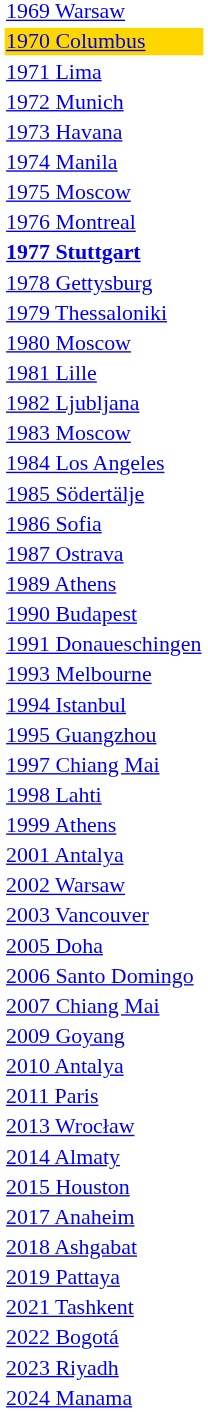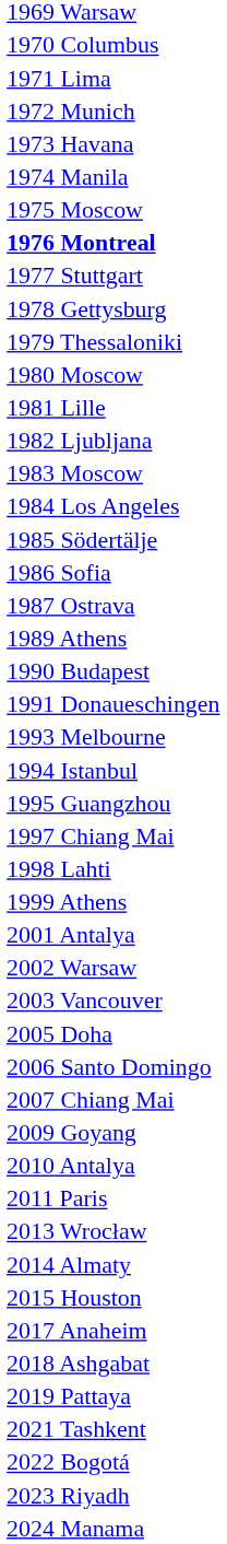 <table>
 <tr>
 <td><a href='#'>1969 Warsaw</a></td>
 <td></td>
 <td></td>
 <td></td>
 </tr>
 <tr>
-<td style="background: gold;"><a href='#'>1970 Columbus</a></td>
+<td><a href='#'>1970 Columbus</a></td>
 <td></td>
 <td></td>
 <td></td>
 </tr>
 <tr>
 <td><a href='#'>1971 Lima</a></td>
 <td></td>
 <td></td>
 <td></td>
 </tr>
 <tr>
 <td><a href='#'>1972 Munich</a></td>
 <td></td>
 <td></td>
 <td></td>
 </tr>
 <tr>
 <td><a href='#'>1973 Havana</a></td>
 <td></td>
 <td></td>
 <td></td>
 </tr>
 <tr>
 <td><a href='#'>1974 Manila</a></td>
 <td></td>
 <td></td>
 <td></td>
 </tr>
 <tr>
 <td><a href='#'>1975 Moscow</a></td>
 <td></td>
 <td></td>
 <td></td>
 </tr>
 <tr>
-<td><a href='#'>1976 Montreal</a></td>
+<td><strong><a href='#'>1976 Montreal</a></strong></td>
 <td></td>
 <td></td>
 <td></td>
 </tr>
 <tr>
-<td><strong><a href='#'>1977 Stuttgart</a></strong></td>
+<td><a href='#'>1977 Stuttgart</a></td>
 <td></td>
 <td></td>
 <td></td>
 </tr>
 <tr>
 <td><a href='#'>1978 Gettysburg</a></td>
 <td></td>
 <td></td>
 <td></td>
 </tr>
 <tr>
 <td><a href='#'>1979 Thessaloniki</a></td>
 <td></td>
 <td></td>
 <td></td>
 </tr>
 <tr>
 <td><a href='#'>1980 Moscow</a></td>
 <td></td>
 <td></td>
 <td></td>
 </tr>
 <tr>
 <td><a href='#'>1981 Lille</a></td>
 <td></td>
 <td></td>
 <td></td>
 </tr>
 <tr>
 <td><a href='#'>1982 Ljubljana</a></td>
 <td></td>
 <td></td>
 <td></td>
 </tr>
 <tr>
 <td><a href='#'>1983 Moscow</a></td>
 <td></td>
 <td></td>
 <td></td>
 </tr>
 <tr>
 <td><a href='#'>1984 Los Angeles</a></td>
 <td></td>
 <td></td>
 <td></td>
 </tr>
 <tr>
 <td><a href='#'>1985 Södertälje</a></td>
 <td></td>
 <td></td>
 <td></td>
 </tr>
 <tr>
 <td><a href='#'>1986 Sofia</a></td>
 <td></td>
 <td></td>
 <td></td>
 </tr>
 <tr>
 <td><a href='#'>1987 Ostrava</a></td>
 <td></td>
 <td></td>
 <td></td>
 </tr>
 <tr>
 <td><a href='#'>1989 Athens</a></td>
 <td></td>
 <td></td>
 <td></td>
 </tr>
 <tr>
 <td><a href='#'>1990 Budapest</a></td>
 <td></td>
 <td></td>
 <td></td>
 </tr>
 <tr>
 <td><a href='#'>1991 Donaueschingen</a></td>
 <td></td>
 <td></td>
 <td></td>
 </tr>
 <tr>
 <td><a href='#'>1993 Melbourne</a></td>
 <td></td>
 <td></td>
 <td></td>
 </tr>
 <tr>
 <td><a href='#'>1994 Istanbul</a></td>
 <td></td>
 <td></td>
 <td></td>
 </tr>
 <tr>
 <td><a href='#'>1995 Guangzhou</a></td>
 <td></td>
 <td></td>
 <td></td>
 </tr>
 <tr>
 <td><a href='#'>1997 Chiang Mai</a></td>
 <td></td>
 <td></td>
 <td></td>
 </tr>
 <tr>
 <td><a href='#'>1998 Lahti</a></td>
 <td></td>
 <td></td>
 <td></td>
 </tr>
 <tr>
 <td><a href='#'>1999 Athens</a></td>
 <td></td>
 <td></td>
 <td></td>
 </tr>
 <tr>
 <td><a href='#'>2001 Antalya</a></td>
 <td></td>
 <td></td>
 <td></td>
 </tr>
 <tr>
 <td><a href='#'>2002 Warsaw</a></td>
 <td></td>
 <td></td>
 <td></td>
 </tr>
 <tr>
 <td><a href='#'>2003 Vancouver</a></td>
 <td></td>
 <td></td>
 <td></td>
 </tr>
 <tr>
 <td><a href='#'>2005 Doha</a></td>
 <td></td>
 <td></td>
 <td></td>
 </tr>
 <tr>
 <td><a href='#'>2006 Santo Domingo</a></td>
 <td></td>
 <td></td>
 <td></td>
 </tr>
 <tr>
 <td><a href='#'>2007 Chiang Mai</a></td>
 <td></td>
 <td></td>
 <td></td>
 </tr>
 <tr>
 <td><a href='#'>2009 Goyang</a></td>
 <td></td>
 <td></td>
 <td></td>
 </tr>
 <tr>
 <td><a href='#'>2010 Antalya</a></td>
 <td></td>
 <td></td>
 <td></td>
 </tr>
 <tr>
 <td><a href='#'>2011 Paris</a></td>
 <td></td>
 <td></td>
 <td></td>
 </tr>
 <tr>
 <td><a href='#'>2013 Wrocław</a></td>
 <td></td>
 <td></td>
 <td></td>
 </tr>
 <tr>
 <td><a href='#'>2014 Almaty</a></td>
 <td></td>
 <td></td>
 <td></td>
 </tr>
 <tr>
 <td><a href='#'>2015 Houston</a></td>
 <td></td>
 <td></td>
 <td></td>
 </tr>
 <tr>
 <td><a href='#'>2017 Anaheim</a></td>
 <td></td>
 <td></td>
 <td></td>
 </tr>
 <tr>
 <td><a href='#'>2018 Ashgabat</a></td>
 <td></td>
 <td></td>
 <td></td>
 </tr>
 <tr>
 <td><a href='#'>2019 Pattaya</a></td>
 <td></td>
 <td></td>
 <td></td>
 </tr>
 <tr>
 <td><a href='#'>2021 Tashkent</a></td>
 <td></td>
 <td></td>
 <td></td>
 </tr>
 <tr>
 <td><a href='#'>2022 Bogotá</a></td>
 <td></td>
 <td></td>
 <td></td>
 </tr>
 <tr>
 <td><a href='#'>2023 Riyadh</a></td>
 <td></td>
 <td></td>
 <td></td>
 </tr>
 <tr>
 <td><a href='#'>2024 Manama</a></td>
 <td></td>
 <td></td>
 <td></td>
 </tr>
 </table>
